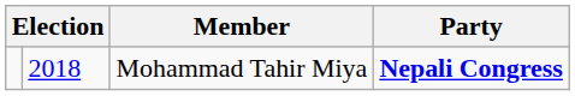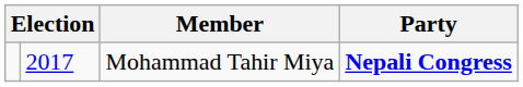 <table class="wikitable">
 <tr>
 <th colspan="2">Election</th>
 <th>Member</th>
 <th>Party</th>
 </tr>
 <tr>
 <td style="background-color:"></td>
-<td><a href='#'>2018</a></td>
+<td><a href='#'>2017</a></td>
 <td>Mohammad Tahir Miya</td>
 <td><strong><a href='#'>Nepali Congress</a></strong></td>
 </tr>
 </table>
